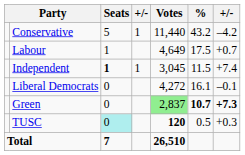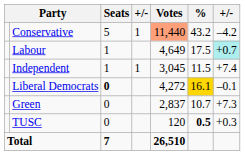 <table class="wikitable sortable">
 <tr>
 <th colspan="2">Party</th>
 <th>Seats</th>
 <th>+/-</th>
 <th>Votes</th>
 <th>%</th>
 <th>+/-</th>
 </tr>
 <tr>
 <td style="background-color: "></td>
 <td><a href='#'>Conservative</a></td>
 <td>5</td>
 <td> 1</td>
-<td style="text-align:right;">11,440</td>
+<td style="background: lightsalmon; text-align:right;">11,440</td>
 <td style="text-align:right;">43.2</td>
 <td style="text-align:right;">–4.2</td>
 </tr>
 <tr>
 <td style="background-color: "></td>
 <td><a href='#'>Labour</a></td>
 <td>1</td>
 <td></td>
 <td style="text-align:right;">4,649</td>
 <td style="text-align:right;">17.5</td>
-<td style="text-align:right;">+0.7</td>
+<td style="background: paleturquoise; text-align:right;">+0.7</td>
 </tr>
 <tr>
 <td style="background-color: "></td>
 <td><a href='#'>Independent</a></td>
-<td><strong>1</strong></td>
+<td>1</td>
 <td> 1</td>
 <td style="text-align:right;">3,045</td>
 <td style="text-align:right;">11.5</td>
 <td style="text-align:right;">+7.4</td>
 </tr>
 <tr>
 <td style="background-color: "></td>
 <td><a href='#'>Liberal Democrats</a></td>
-<td>0</td>
+<td><strong>0</strong></td>
 <td></td>
 <td style="text-align:right;">4,272</td>
-<td style="text-align:right;">16.1</td>
+<td style="background: gold; text-align:right;">16.1</td>
 <td style="text-align:right;">–0.1</td>
 </tr>
 <tr>
 <td style="background-color: "></td>
 <td><a href='#'>Green</a></td>
 <td>0</td>
 <td></td>
-<td style="background: lightgreen; text-align:right;">2,837</td>
-<td style="text-align:right;"><strong>10.7</strong></td>
-<td style="text-align:right;"><strong>+7.3</strong></td>
+<td style="text-align:right;">2,837</td>
+<td style="text-align:right;">10.7</td>
+<td style="text-align:right;">+7.3</td>
 </tr>
 <tr>
 <td style="background-color: "></td>
 <td><a href='#'>TUSC</a></td>
-<td style="background: paleturquoise;">0</td>
+<td>0</td>
 <td></td>
-<td style="text-align:right;"><strong>120</strong></td>
-<td style="text-align:right;">0.5</td>
+<td style="text-align:right;">120</td>
+<td style="text-align:right;"><strong>0.5</strong></td>
 <td style="text-align:right;">+0.3</td>
 </tr>
 <tr>
 <td colspan="2"><strong>Total</strong></td>
 <td><strong>7</strong></td>
 <td></td>
 <td style="text-align:right;"><strong>26,510</strong></td>
 <td style="text-align:right;"></td>
 <td style="text-align:right;"></td>
 </tr>
 </table>
